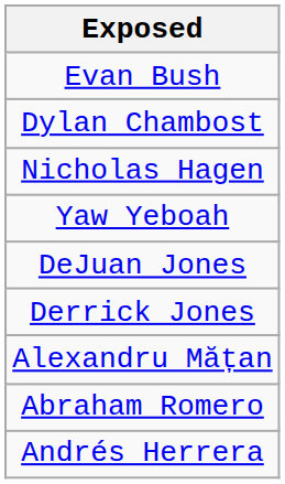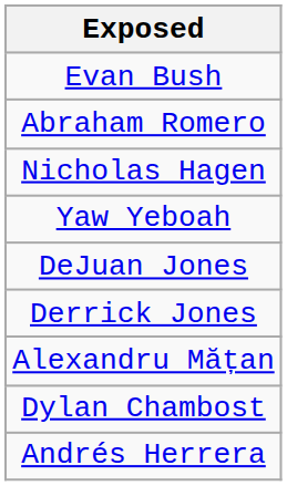 <table class="wikitable" style="text-align:center">
 <tr>
 <th>Exposed</th>
 </tr>
 <tr>
 <td><a href='#'>Evan Bush</a></td>
 </tr>
 <tr>
-<td><a href='#'>Dylan Chambost</a></td>
+<td><a href='#'>Abraham Romero</a></td>
 </tr>
 <tr>
 <td><a href='#'>Nicholas Hagen</a></td>
 </tr>
 <tr>
 <td><a href='#'>Yaw Yeboah</a></td>
 </tr>
 <tr>
 <td><a href='#'>DeJuan Jones</a></td>
 </tr>
 <tr>
 <td><a href='#'>Derrick Jones</a></td>
 </tr>
 <tr>
 <td><a href='#'>Alexandru Mățan</a></td>
 </tr>
 <tr>
-<td><a href='#'>Abraham Romero</a></td>
+<td><a href='#'>Dylan Chambost</a></td>
 </tr>
 <tr>
 <td><a href='#'>Andrés Herrera</a></td>
 </tr>
 </table>
